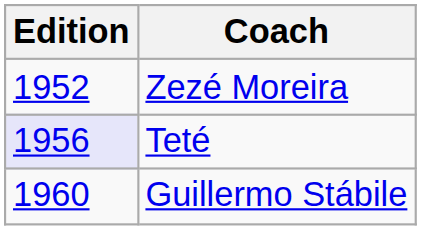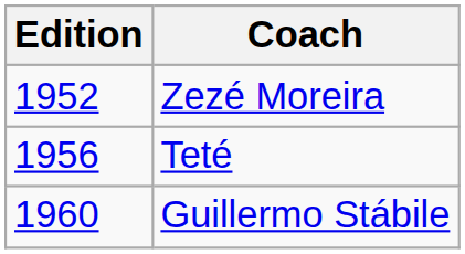 <table class="wikitable sortable">
 <tr>
 <th>Edition</th>
 <th>Coach</th>
 </tr>
 <tr>
 <td><a href='#'>1952</a></td>
 <td> <a href='#'>Zezé Moreira</a></td>
 </tr>
 <tr>
-<td style="background: lavender;"><a href='#'>1956</a></td>
+<td><a href='#'>1956</a></td>
 <td> <a href='#'>Teté</a></td>
 </tr>
 <tr>
 <td><a href='#'>1960</a></td>
 <td> <a href='#'>Guillermo Stábile</a></td>
 </tr>
 </table>
